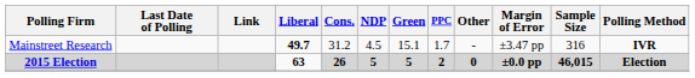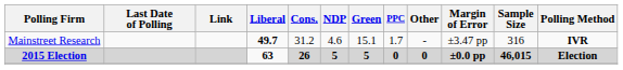 <table class="wikitable sortable" style="text-align:center;font-size:90%;line-height:14px;">
 <tr style="background:#e9e9e9;">
 <th style="width:120px">Polling Firm</th>
 <th style="width:110px">Last Date<br>of Polling</th>
 <th style="width:60px" class="unsortable">Link</th>
 <th style="background-color:"><strong><a href='#'>Liberal</a></strong></th>
 <th style="background-color:"><strong><a href='#'>Cons.</a></strong></th>
 <th style="background-color:"><strong><a href='#'>NDP</a></strong></th>
 <th style="background-color:"><strong><a href='#'>Green</a></strong></th>
 <th style="background-color:"><strong><small><a href='#'>PPC</a></small></strong></th>
 <th style="background-color:"><strong>Other</strong></th>
 <th style="width:60px;" class=unsortable>Margin<br>of Error</th>
 <th style="width:50px;" class=unsortable>Sample<br>Size</th>
 <th class=unsortable>Polling Method</th>
 </tr>
 <tr>
 <td><a href='#'>Mainstreet Research</a></td>
 <td></td>
 <td></td>
 <td><strong>49.7</strong></td>
 <td>31.2</td>
-<td>4.5</td>
+<td>4.6</td>
 <td>15.1</td>
 <td>1.7</td>
 <td>-</td>
 <td>±3.47 pp</td>
 <td>316</td>
 <td><strong>IVR</strong></td>
 </tr>
 <tr>
 <td style="background:#D5D5D5"><strong><a href='#'>2015 Election</a></strong></td>
 <td style="background:#D5D5D5"><strong></strong></td>
 <td style="background:#D5D5D5"></td>
 <td><strong>63</strong></td>
 <td style="background:#D5D5D5"><strong>26</strong></td>
 <td style="background:#D5D5D5"><strong>5</strong></td>
 <td style="background:#D5D5D5"><strong>5</strong></td>
-<td style="background:#D5D5D5"><strong>2</strong></td>
+<td style="background:#D5D5D5"><strong>0</strong></td>
 <td style="background:#D5D5D5"><strong>0</strong></td>
 <td style="background:#D5D5D5"><strong>±0.0 pp</strong></td>
 <td style="background:#D5D5D5"><strong>46,015</strong></td>
 <td style="background:#D5D5D5"><strong>Election</strong></td>
 </tr>
 <tr>
 </tr>
 <tr>
 </tr>
 </table>
